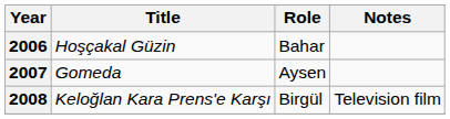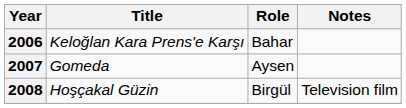 <table class="wikitable plainrowheaders sortable">
 <tr>
 <th scope="col">Year</th>
 <th scope="col">Title</th>
 <th scope="col">Role</th>
 <th scope="col" class="unsortable">Notes</th>
 </tr>
 <tr>
 <th scope="row">2006</th>
-<td><em>Hoşçakal Güzin</em></td>
+<td><em>Keloğlan Kara Prens'e Karşı</em></td>
 <td>Bahar</td>
 <td></td>
 </tr>
 <tr>
 <th scope="row">2007</th>
 <td><em>Gomeda</em></td>
 <td>Aysen</td>
 <td></td>
 </tr>
 <tr>
 <th scope="row">2008</th>
-<td><em>Keloğlan Kara Prens'e Karşı</em></td>
+<td><em>Hoşçakal Güzin</em></td>
 <td>Birgül</td>
 <td>Television film</td>
 </tr>
 <tr>
 </tr>
 </table>
